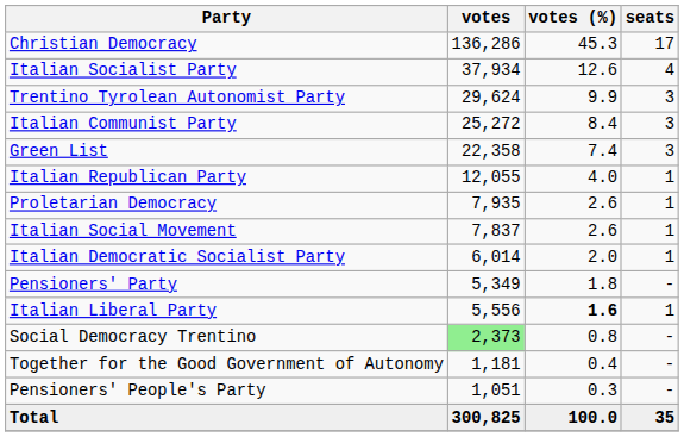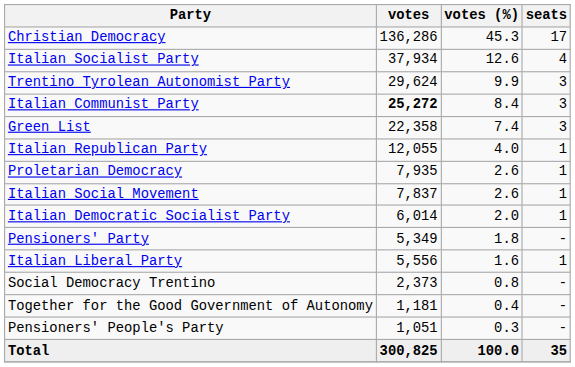 <table class="wikitable" style="font-size:95%; text-align:right;">
 <tr bgcolor="EFEFEF">
 <th>Party</th>
 <th>votes</th>
 <th>votes (%)</th>
 <th>seats</th>
 </tr>
 <tr>
 <td align=left><a href='#'>Christian Democracy</a></td>
 <td>136,286</td>
 <td>45.3</td>
 <td>17</td>
 </tr>
 <tr>
 <td align=left><a href='#'>Italian Socialist Party</a></td>
 <td>37,934</td>
 <td>12.6</td>
 <td>4</td>
 </tr>
 <tr>
 <td align=left><a href='#'>Trentino Tyrolean Autonomist Party</a></td>
 <td>29,624</td>
 <td>9.9</td>
 <td>3</td>
 </tr>
 <tr>
 <td align=left><a href='#'>Italian Communist Party</a></td>
-<td>25,272</td>
+<td><strong>25,272</strong></td>
 <td>8.4</td>
 <td>3</td>
 </tr>
 <tr>
 <td align=left><a href='#'>Green List</a></td>
 <td>22,358</td>
 <td>7.4</td>
 <td>3</td>
 </tr>
 <tr>
 <td align=left><a href='#'>Italian Republican Party</a></td>
 <td>12,055</td>
 <td>4.0</td>
 <td>1</td>
 </tr>
 <tr>
 <td align=left><a href='#'>Proletarian Democracy</a></td>
 <td>7,935</td>
 <td>2.6</td>
 <td>1</td>
 </tr>
 <tr>
 <td align=left><a href='#'>Italian Social Movement</a></td>
 <td>7,837</td>
 <td>2.6</td>
 <td>1</td>
 </tr>
 <tr>
 <td align=left><a href='#'>Italian Democratic Socialist Party</a></td>
 <td>6,014</td>
 <td>2.0</td>
 <td>1</td>
 </tr>
 <tr>
 <td align=left><a href='#'>Pensioners' Party</a></td>
 <td>5,349</td>
 <td>1.8</td>
 <td>-</td>
 </tr>
 <tr>
 <td align=left><a href='#'>Italian Liberal Party</a></td>
 <td>5,556</td>
-<td><strong>1.6</strong></td>
+<td>1.6</td>
 <td>1</td>
 </tr>
 <tr>
 <td align=left>Social Democracy Trentino</td>
-<td style="background: lightgreen;">2,373</td>
+<td>2,373</td>
 <td>0.8</td>
 <td>-</td>
 </tr>
 <tr>
 <td align=left>Together for the Good Government of Autonomy</td>
 <td>1,181</td>
 <td>0.4</td>
 <td>-</td>
 </tr>
 <tr>
 <td align=left>Pensioners' People's Party</td>
 <td>1,051</td>
 <td>0.3</td>
 <td>-</td>
 </tr>
 <tr bgcolor="EFEFEF">
 <td align=left><strong>Total</strong></td>
 <td><strong>300,825</strong></td>
 <td><strong>100.0</strong></td>
 <td><strong>35</strong></td>
 </tr>
 <tr>
 </tr>
 </table>
